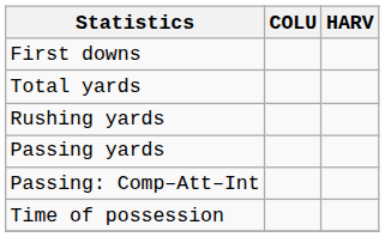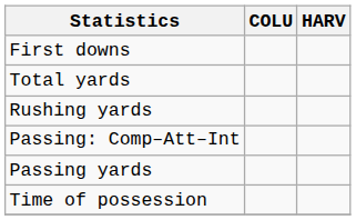 <table class="wikitable" style="float: left;">
 <tr>
 <th>Statistics</th>
 <th>COLU</th>
 <th>HARV</th>
 </tr>
 <tr>
 <td>First downs</td>
 <td></td>
 <td></td>
 </tr>
 <tr>
 <td>Total yards</td>
 <td></td>
 <td></td>
 </tr>
 <tr>
 <td>Rushing yards</td>
 <td></td>
 <td></td>
 </tr>
 <tr>
-<td>Passing yards</td>
+<td>Passing: Comp–Att–Int</td>
 <td></td>
 <td></td>
 </tr>
 <tr>
-<td>Passing: Comp–Att–Int</td>
+<td>Passing yards</td>
 <td></td>
 <td></td>
 </tr>
 <tr>
 <td>Time of possession</td>
 <td></td>
 <td></td>
 </tr>
 <tr>
 </tr>
 </table>
